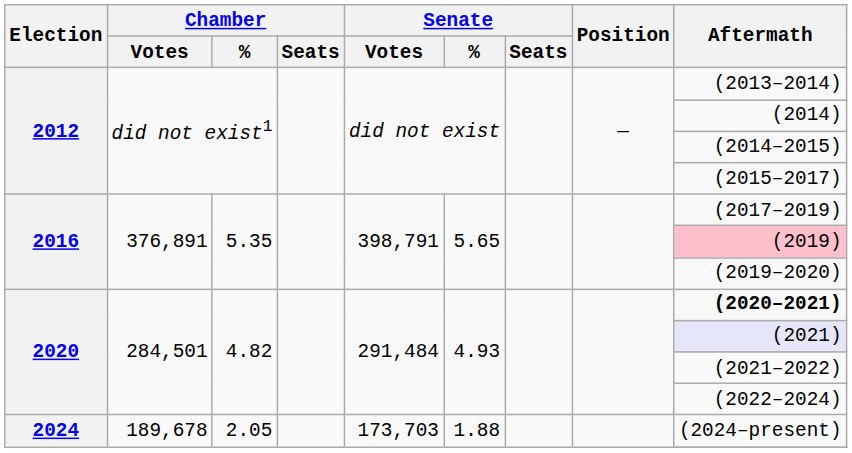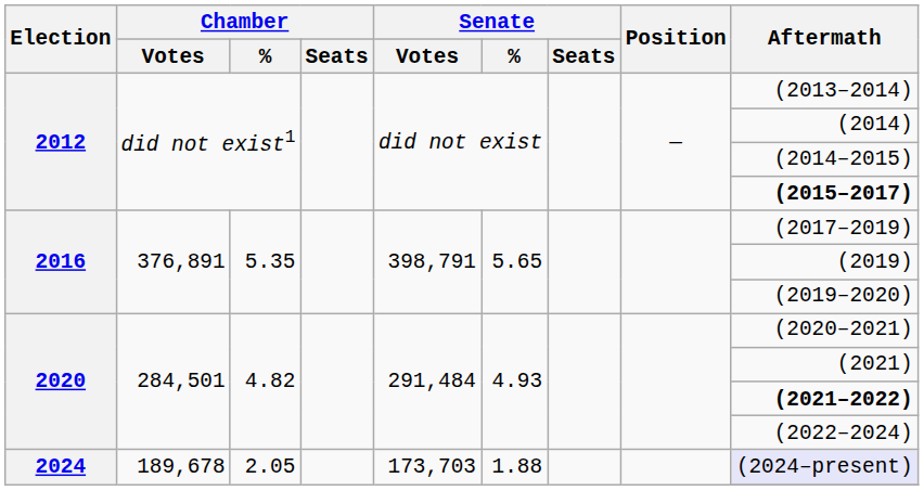 <table class="wikitable" style="text-align: right;">
 <tr>
 <th rowspan="2">Election</th>
 <th colspan="3"><a href='#'>Chamber</a></th>
 <th colspan="3"><a href='#'>Senate</a></th>
 <th rowspan="2">Position</th>
 <th rowspan="2">Aftermath</th>
 </tr>
 <tr>
 <th>Votes</th>
 <th>%</th>
 <th>Seats</th>
 <th>Votes</th>
 <th>%</th>
 <th>Seats</th>
 </tr>
 <tr>
 <th rowspan=4><a href='#'>2012</a></th>
 <td rowspan=4; colspan=2; style="text-align: center;"><em>did not exist</em><sup>1</sup></td>
 <td rowspan=4></td>
 <td rowspan=4; colspan=2; style="text-align: center;"><em>did not exist</em></td>
 <td rowspan=4></td>
 <td rowspan=4; style="text-align: center;">—</td>
 <td> (2013–2014)</td>
 </tr>
 <tr>
 <td> (2014)</td>
 </tr>
 <tr>
 <td> (2014–2015)</td>
 </tr>
 <tr>
-<td> (2015–2017)</td>
+<td><strong> (2015–2017)</strong></td>
 </tr>
 <tr>
 <th rowspan=3><a href='#'>2016</a></th>
 <td rowspan=3>376,891</td>
 <td rowspan=3>5.35</td>
 <td rowspan=3></td>
 <td rowspan=3>398,791</td>
 <td rowspan=3>5.65</td>
 <td rowspan=3></td>
 <td rowspan=3; style="text-align: center;"></td>
 <td> (2017–2019)</td>
 </tr>
 <tr>
-<td style="background: pink;"> (2019)</td>
+<td> (2019)</td>
 </tr>
 <tr>
 <td> (2019–2020)</td>
 </tr>
 <tr>
 <th rowspan=4><a href='#'>2020</a></th>
 <td rowspan=4>284,501</td>
 <td rowspan=4>4.82</td>
 <td rowspan=4></td>
 <td rowspan=4>291,484</td>
 <td rowspan=4>4.93</td>
 <td rowspan=4></td>
 <td rowspan=4; style="text-align: center;"></td>
-<td><strong> (2020–2021)</strong></td>
+<td> (2020–2021)</td>
 </tr>
 <tr>
-<td style="background: lavender;"> (2021)</td>
+<td> (2021)</td>
 </tr>
 <tr>
-<td> (2021–2022)</td>
+<td><strong> (2021–2022)</strong></td>
 </tr>
 <tr>
 <td> (2022–2024)</td>
 </tr>
 <tr>
 <th rowspan=3><a href='#'>2024</a></th>
 <td rowspan=3>189,678</td>
 <td rowspan=3>2.05</td>
 <td rowspan=3></td>
 <td rowspan=3>173,703</td>
 <td rowspan=3>1.88</td>
 <td rowspan=3></td>
 <td rowspan=3; style="text-align: center;"></td>
-<td> (2024–present)</td>
+<td style="background: lavender;"> (2024–present)</td>
 </tr>
 <tr>
 </tr>
 </table>
